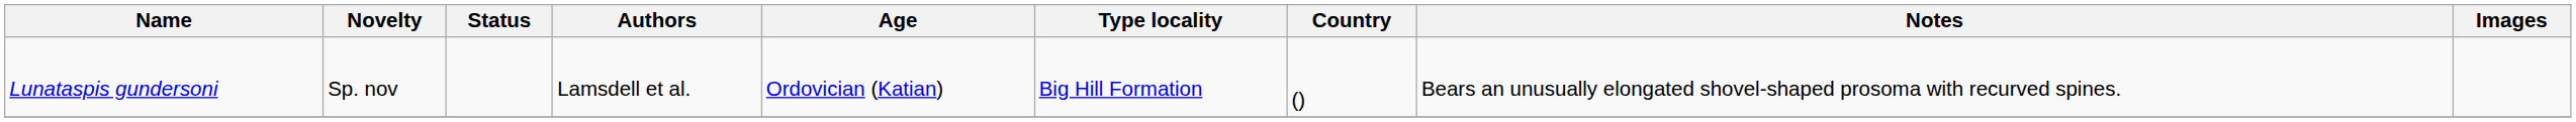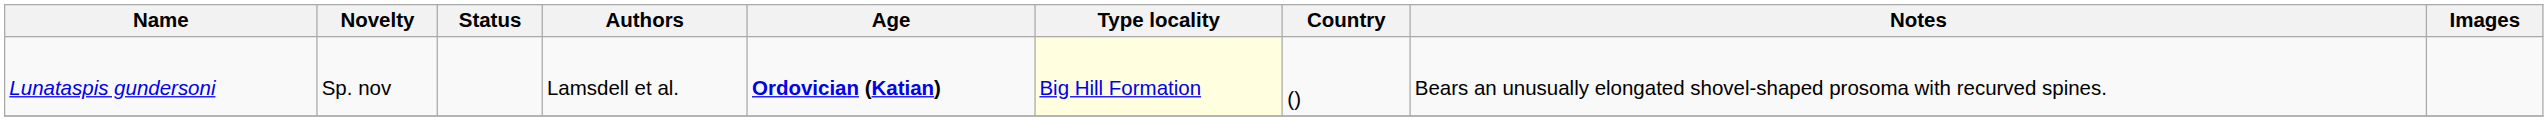 <table class="wikitable sortable" align="center" width="100%">
 <tr>
 <th>Name</th>
 <th>Novelty</th>
 <th>Status</th>
 <th>Authors</th>
 <th>Age</th>
 <th>Type locality</th>
 <th>Country</th>
 <th>Notes</th>
 <th>Images</th>
 </tr>
 <tr>
 <td><br><em><a href='#'>Lunataspis gundersoni</a></em></td>
 <td><br>Sp. nov</td>
 <td></td>
 <td><br>Lamsdell et al.</td>
-<td><br><a href='#'>Ordovician</a> (<a href='#'>Katian</a>)</td>
-<td><br><a href='#'>Big Hill Formation</a></td>
+<td><strong><br><a href='#'>Ordovician</a> (<a href='#'>Katian</a>)</strong></td>
+<td style="background: lightyellow;"><br><a href='#'>Big Hill Formation</a></td>
 <td><br><br>()</td>
 <td><br>Bears an unusually elongated shovel-shaped prosoma with recurved spines.</td>
 <td></td>
 </tr>
 <tr>
 </tr>
 </table>
